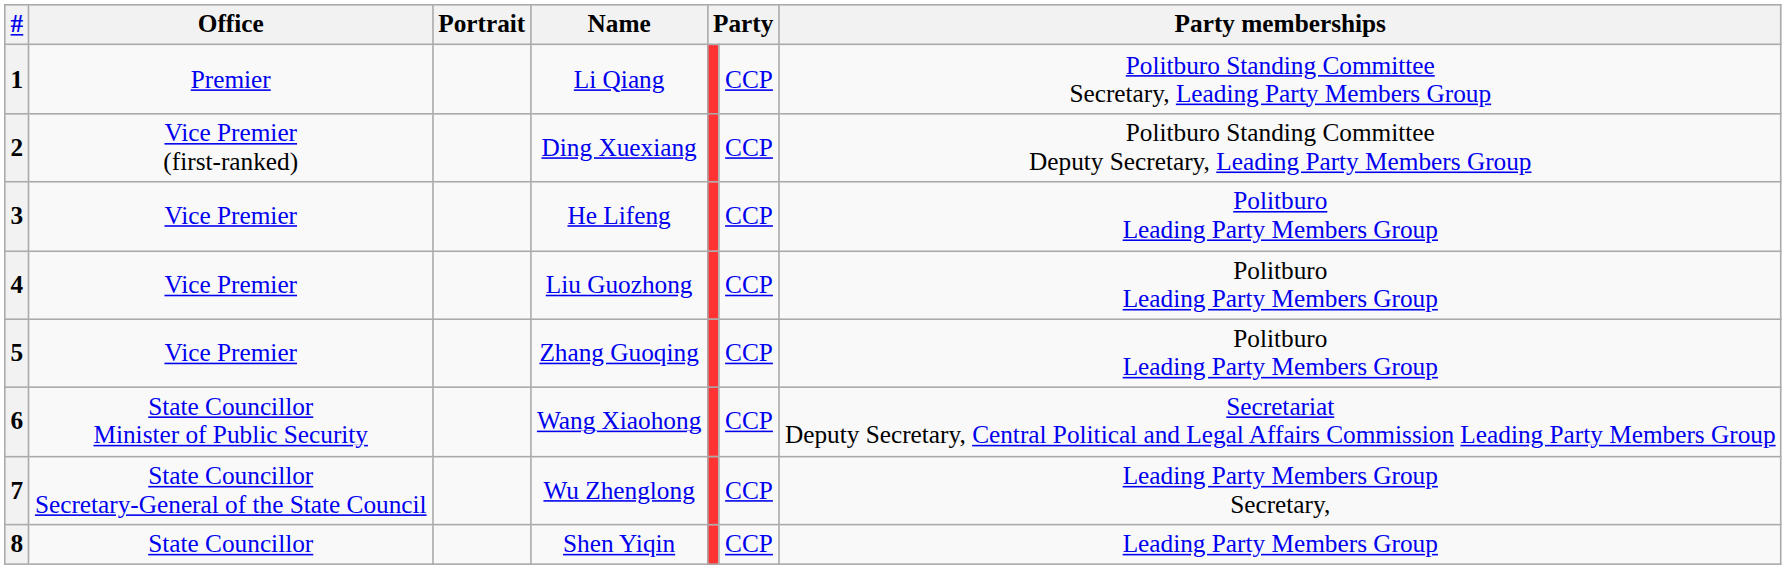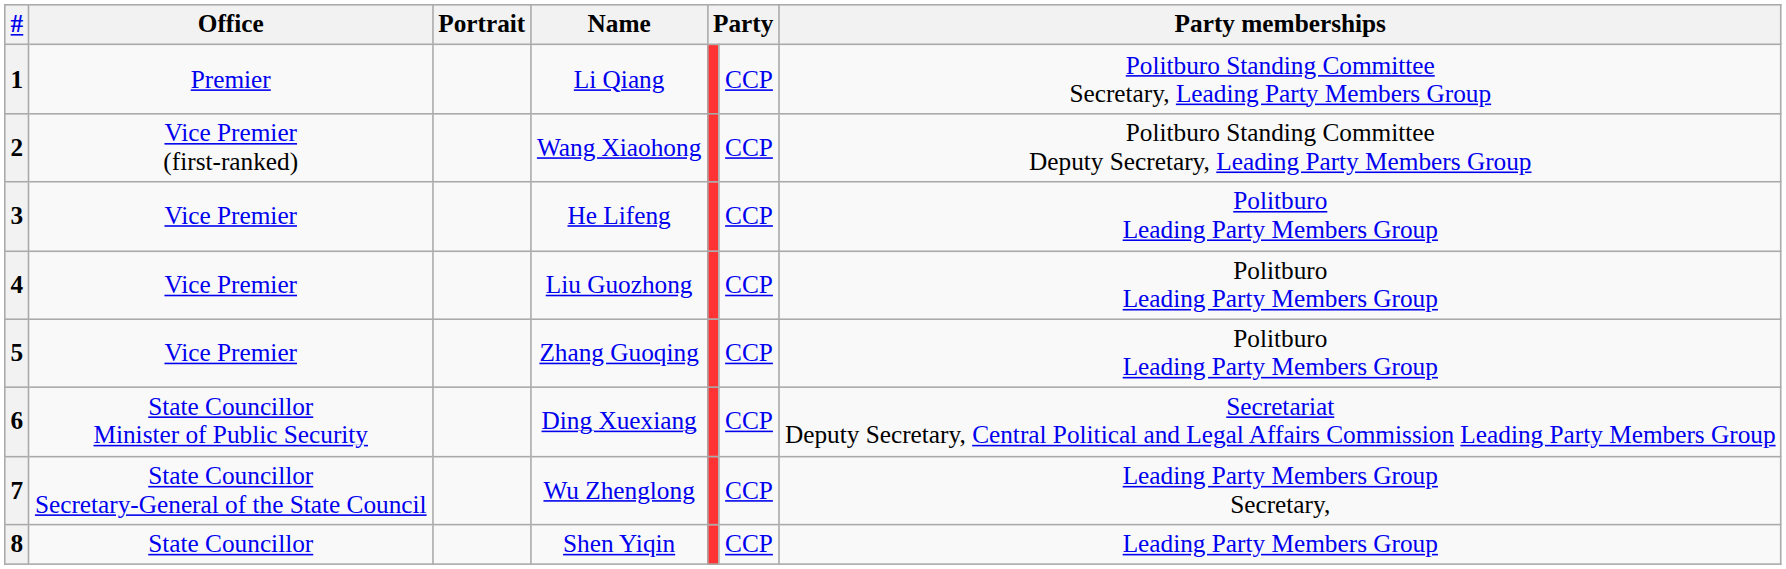 <table class="wikitable sortable" style="text-align:center;">
 <tr>
 <th><a href='#'>#</a></th>
 <th>Office</th>
 <th>Portrait</th>
 <th>Name</th>
 <th colspan="2">Party</th>
 <th>Party memberships</th>
 </tr>
 <tr>
 <th>1</th>
 <td><a href='#'>Premier</a></td>
 <td></td>
 <td><a href='#'>Li Qiang</a><br></td>
 <td style="background:#FF3333;"></td>
 <td><a href='#'>CCP</a></td>
 <td><a href='#'>Politburo Standing Committee</a><br>Secretary, <a href='#'>Leading Party Members Group</a></td>
 </tr>
 <tr>
 <th>2</th>
 <td><a href='#'>Vice Premier</a><br>(first-ranked)</td>
 <td></td>
-<td><a href='#'>Ding Xuexiang</a><br></td>
+<td><a href='#'>Wang Xiaohong</a><br></td>
 <td style="background:#FF3333;"></td>
 <td><a href='#'>CCP</a></td>
 <td>Politburo Standing Committee<br>Deputy Secretary, <a href='#'>Leading Party Members Group</a></td>
 </tr>
 <tr>
 <th>3</th>
 <td><a href='#'>Vice Premier</a></td>
 <td></td>
 <td><a href='#'>He Lifeng</a><br></td>
 <td style="background:#FF3333;"></td>
 <td><a href='#'>CCP</a></td>
 <td><a href='#'>Politburo</a><br><a href='#'>Leading Party Members Group</a></td>
 </tr>
 <tr>
 <th>4</th>
 <td><a href='#'>Vice Premier</a></td>
 <td></td>
 <td><a href='#'>Liu Guozhong</a><br></td>
 <td style="background:#FF3333;"></td>
 <td><a href='#'>CCP</a></td>
 <td>Politburo<br><a href='#'>Leading Party Members Group</a></td>
 </tr>
 <tr>
 <th>5</th>
 <td><a href='#'>Vice Premier</a></td>
 <td></td>
 <td><a href='#'>Zhang Guoqing</a><br></td>
 <td style="background:#FF3333;"></td>
 <td><a href='#'>CCP</a></td>
 <td>Politburo<br><a href='#'>Leading Party Members Group</a></td>
 </tr>
 <tr>
 <th>6</th>
 <td><a href='#'>State Councillor</a><br><a href='#'>Minister of Public Security</a></td>
 <td></td>
-<td><a href='#'>Wang Xiaohong</a><br></td>
+<td><a href='#'>Ding Xuexiang</a><br></td>
 <td style="background:#FF3333;"></td>
 <td><a href='#'>CCP</a></td>
 <td><a href='#'>Secretariat</a><br>Deputy Secretary, <a href='#'>Central Political and Legal Affairs Commission</a> <a href='#'>Leading Party Members Group</a></td>
 </tr>
 <tr>
 <th>7</th>
 <td><a href='#'>State Councillor</a><br><a href='#'>Secretary-General of the State Council</a></td>
 <td></td>
 <td><a href='#'>Wu Zhenglong</a><br></td>
 <td style="background:#FF3333;"></td>
 <td><a href='#'>CCP</a></td>
 <td><a href='#'>Leading Party Members Group</a><br>Secretary, </td>
 </tr>
 <tr>
 <th>8</th>
 <td><a href='#'>State Councillor</a></td>
 <td></td>
 <td><a href='#'>Shen Yiqin</a><br></td>
 <td style="background:#FF3333;"></td>
 <td><a href='#'>CCP</a></td>
 <td><a href='#'>Leading Party Members Group</a></td>
 </tr>
 </table>
